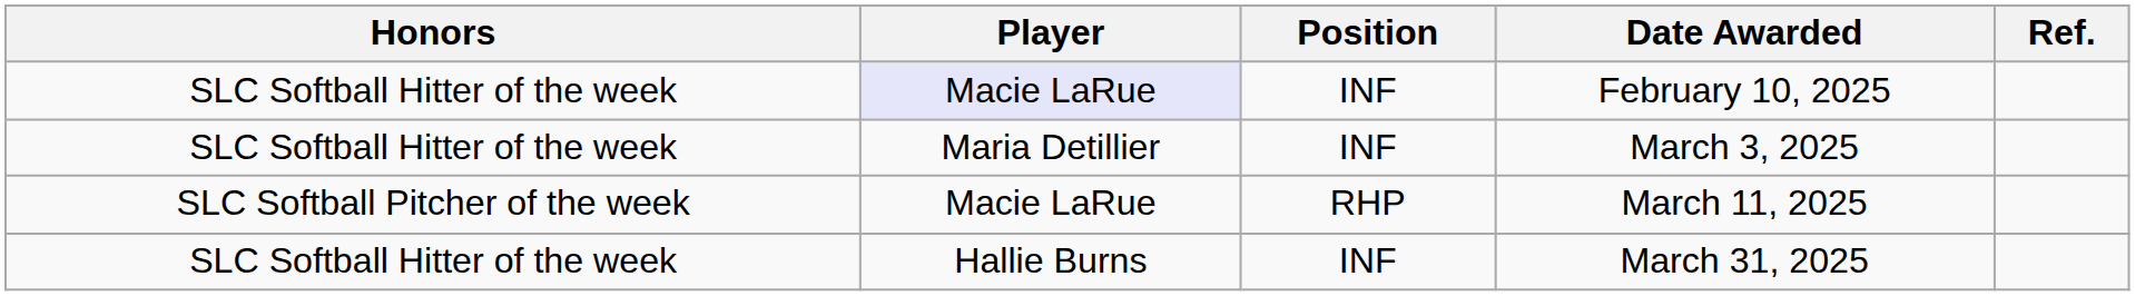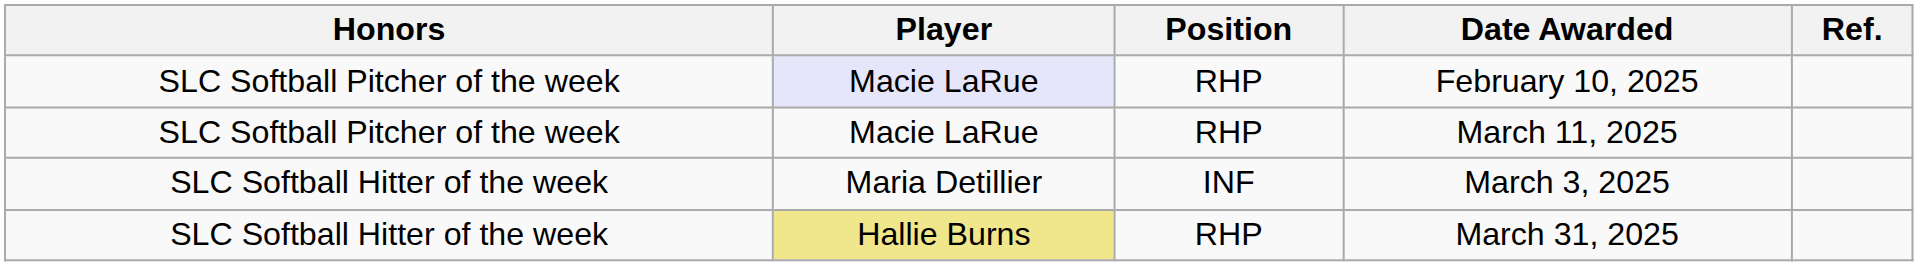 <table class="wikitable" style="width: 60%;text-align: center;">
 <tr>
 <th>Honors</th>
 <th>Player</th>
 <th>Position</th>
 <th>Date Awarded</th>
 <th>Ref.</th>
 </tr>
 <tr align="center">
-<td rowspan="1">SLC Softball Hitter of the week</td>
+<td rowspan="1">SLC Softball Pitcher of the week</td>
 <td style="background: lavender;">Macie LaRue</td>
-<td>INF</td>
+<td>RHP</td>
 <td>February 10, 2025</td>
-<td></td>
-</tr>
-<tr align="center">
-<td rowspan="1">SLC Softball Hitter of the week</td>
-<td>Maria Detillier</td>
-<td>INF</td>
-<td>March 3, 2025</td>
 <td></td>
 </tr>
 <tr align="center">
 <td rowspan="1">SLC Softball Pitcher of the week</td>
 <td>Macie LaRue</td>
 <td>RHP</td>
 <td>March 11, 2025</td>
 <td></td>
 </tr>
 <tr align="center">
 <td rowspan="1">SLC Softball Hitter of the week</td>
-<td>Hallie Burns</td>
+<td>Maria Detillier</td>
 <td>INF</td>
+<td>March 3, 2025</td>
+<td></td>
+</tr>
+<tr align="center">
+<td rowspan="1">SLC Softball Hitter of the week</td>
+<td style="background: khaki;">Hallie Burns</td>
+<td>RHP</td>
 <td>March 31, 2025</td>
 <td></td>
 </tr>
 </table>
